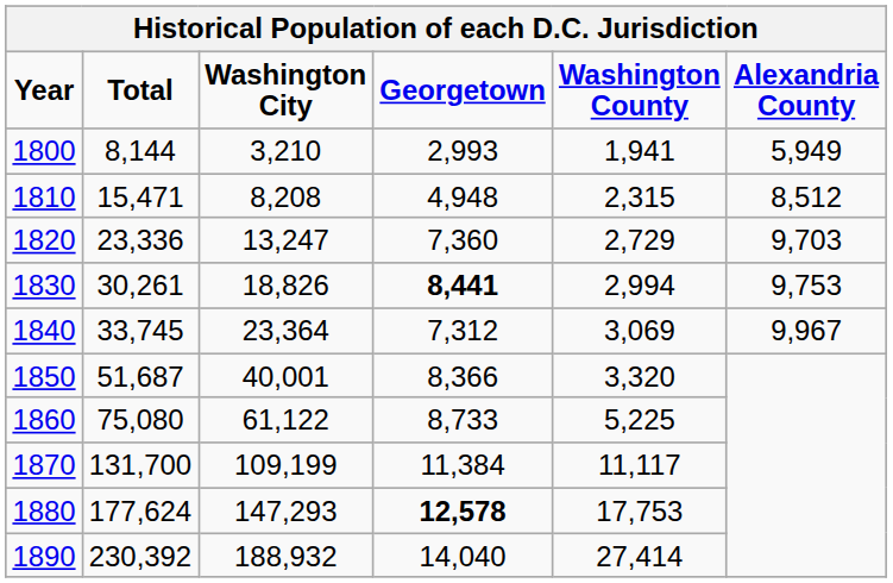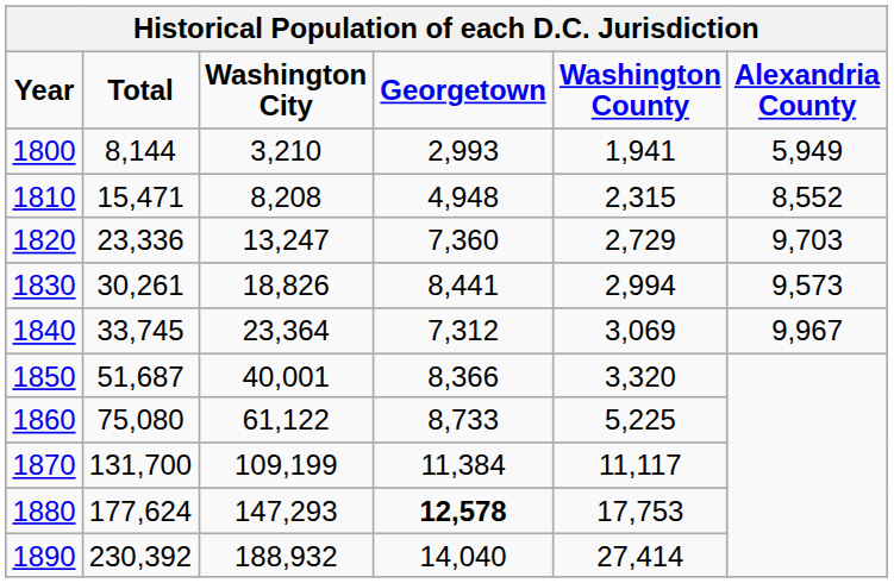 <table class="wikitable" style="display: inline-table;font-size:90%;text-align:center;">
 <tr>
 <th colspan=7>Historical Population of each D.C. Jurisdiction</th>
 </tr>
 <tr>
 <td><strong>Year</strong></td>
 <td><strong>Total</strong></td>
 <td><strong>Washington<br>City</strong></td>
 <td><strong><a href='#'>Georgetown</a></strong></td>
 <td><strong><a href='#'>Washington<br>County</a></strong></td>
 <td><strong><a href='#'>Alexandria<br>County</a></strong></td>
 </tr>
 <tr>
 <td><a href='#'>1800</a></td>
 <td>8,144</td>
 <td>3,210</td>
 <td>2,993</td>
 <td>1,941</td>
 <td>5,949</td>
 </tr>
 <tr>
 <td><a href='#'>1810</a></td>
 <td>15,471</td>
 <td>8,208</td>
 <td>4,948</td>
 <td>2,315</td>
-<td>8,512</td>
+<td>8,552</td>
 </tr>
 <tr>
 <td><a href='#'>1820</a></td>
 <td>23,336</td>
 <td>13,247</td>
 <td>7,360</td>
 <td>2,729</td>
 <td>9,703</td>
 </tr>
 <tr>
 <td><a href='#'>1830</a></td>
 <td>30,261</td>
 <td>18,826</td>
-<td><strong>8,441</strong></td>
+<td>8,441</td>
 <td>2,994</td>
-<td>9,753</td>
+<td>9,573</td>
 </tr>
 <tr>
 <td><a href='#'>1840</a></td>
 <td>33,745</td>
 <td>23,364</td>
 <td>7,312</td>
 <td>3,069</td>
 <td>9,967</td>
 </tr>
 <tr>
 <td><a href='#'>1850</a></td>
 <td>51,687</td>
 <td>40,001</td>
 <td>8,366</td>
 <td>3,320</td>
 <td rowspan=5></td>
 </tr>
 <tr>
 <td><a href='#'>1860</a></td>
 <td>75,080</td>
 <td>61,122</td>
 <td>8,733</td>
 <td>5,225</td>
 </tr>
 <tr>
 <td><a href='#'>1870</a></td>
 <td>131,700</td>
 <td>109,199</td>
 <td>11,384</td>
 <td>11,117</td>
 </tr>
 <tr>
 <td><a href='#'>1880</a></td>
 <td>177,624</td>
 <td>147,293</td>
 <td><strong>12,578</strong></td>
 <td>17,753</td>
 </tr>
 <tr>
 <td><a href='#'>1890</a></td>
 <td>230,392</td>
 <td>188,932</td>
 <td>14,040</td>
 <td>27,414</td>
 </tr>
 </table>
